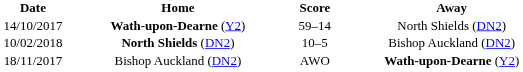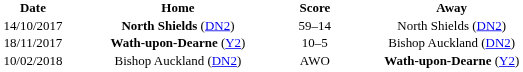 <table style="text-align: center">
 <tr>
 <th width=100 align=centre>Date</th>
 <th width=250 align=centre>Home</th>
 <th width=80 align=centre>Score</th>
 <th width=250 align=centre>Away</th>
 </tr>
 <tr>
 <td>14/10/2017</td>
-<td><strong>Wath-upon-Dearne</strong> (<a href='#'>Y2</a>)</td>
+<td><strong>North Shields</strong> (<a href='#'>DN2</a>)</td>
 <td>59–14</td>
 <td>North Shields (<a href='#'>DN2</a>)</td>
 </tr>
 <tr>
-<td>10/02/2018</td>
-<td><strong>North Shields</strong> (<a href='#'>DN2</a>)</td>
+<td>18/11/2017</td>
+<td><strong>Wath-upon-Dearne</strong> (<a href='#'>Y2</a>)</td>
 <td>10–5</td>
 <td>Bishop Auckland (<a href='#'>DN2</a>)</td>
 </tr>
 <tr>
-<td>18/11/2017</td>
+<td>10/02/2018</td>
 <td>Bishop Auckland (<a href='#'>DN2</a>)</td>
 <td>AWO</td>
 <td><strong>Wath-upon-Dearne</strong> (<a href='#'>Y2</a>)</td>
 </tr>
 <tr>
 </tr>
 </table>
